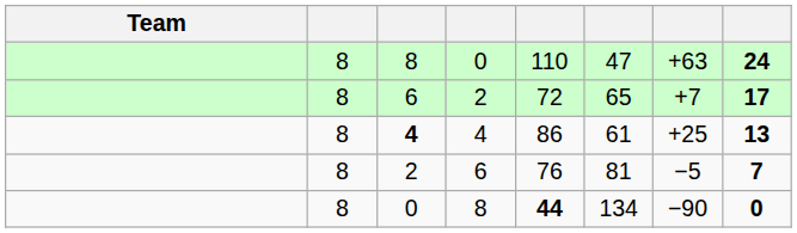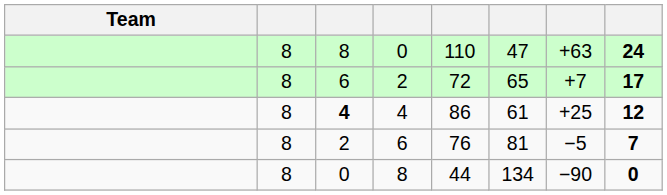 <table class=wikitable style="text-align:center">
 <tr>
 <th width=200>Team</th>
 <th width=40></th>
 <th width=40></th>
 <th width=40></th>
 <th width=40></th>
 <th width=40></th>
 <th width=40></th>
 <th width=40></th>
 </tr>
 <tr bgcolor=ccffcc>
 <td align=left></td>
 <td>8</td>
 <td>8</td>
 <td>0</td>
 <td>110</td>
 <td>47</td>
 <td>+63</td>
 <td><strong>24</strong></td>
 </tr>
 <tr bgcolor=ccffcc>
 <td align=left></td>
 <td>8</td>
 <td>6</td>
 <td>2</td>
 <td>72</td>
 <td>65</td>
 <td>+7</td>
 <td><strong>17</strong></td>
 </tr>
 <tr>
 <td align=left></td>
 <td>8</td>
 <td><strong>4</strong></td>
 <td>4</td>
 <td>86</td>
 <td>61</td>
 <td>+25</td>
-<td><strong>13</strong></td>
+<td><strong>12</strong></td>
 </tr>
 <tr>
 <td align=left></td>
 <td>8</td>
 <td>2</td>
 <td>6</td>
 <td>76</td>
 <td>81</td>
 <td>−5</td>
 <td><strong>7</strong></td>
 </tr>
 <tr>
 <td align=left></td>
 <td>8</td>
 <td>0</td>
 <td>8</td>
-<td><strong>44</strong></td>
+<td>44</td>
 <td>134</td>
 <td>−90</td>
 <td><strong>0</strong></td>
 </tr>
 </table>
